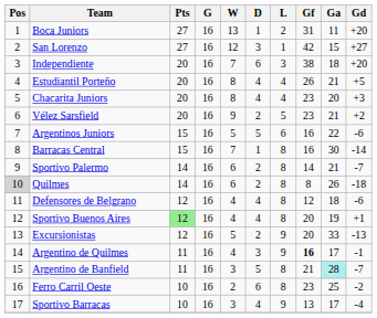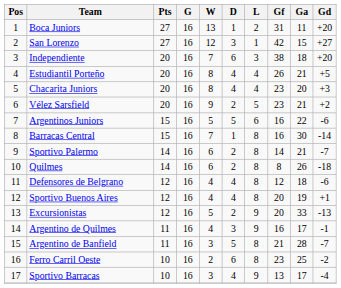 <table class="wikitable" style="text-align:center">
 <tr>
 <th width=30px>Pos</th>
 <th width=200px>Team</th>
 <th width=30px>Pts</th>
 <th width=30px>G</th>
 <th width=30px>W</th>
 <th width=30px>D</th>
 <th width=30px>L</th>
 <th width=30px>Gf</th>
 <th width=30px>Ga</th>
 <th width=30px>Gd</th>
 </tr>
 <tr bgcolor=>
 <td>1</td>
 <td align="left"><a href='#'>Boca Juniors</a></td>
 <td>27</td>
 <td>16</td>
 <td>13</td>
 <td>1</td>
 <td>2</td>
 <td>31</td>
 <td>11</td>
 <td>+20</td>
 </tr>
 <tr>
 <td>2</td>
 <td align="left"><a href='#'>San Lorenzo</a></td>
 <td>27</td>
 <td>16</td>
 <td>12</td>
 <td>3</td>
 <td>1</td>
 <td>42</td>
 <td>15</td>
 <td>+27</td>
 </tr>
 <tr>
 <td>3</td>
 <td align="left"><a href='#'>Independiente</a></td>
 <td>20</td>
 <td>16</td>
 <td>7</td>
 <td>6</td>
 <td>3</td>
 <td>38</td>
 <td>18</td>
 <td>+20</td>
 </tr>
 <tr>
 <td>4</td>
 <td align="left"><a href='#'>Estudiantil Porteño</a></td>
 <td>20</td>
 <td>16</td>
 <td>8</td>
 <td>4</td>
 <td>4</td>
 <td>26</td>
 <td>21</td>
 <td>+5</td>
 </tr>
 <tr>
 <td>5</td>
 <td align="left"><a href='#'>Chacarita Juniors</a></td>
 <td>20</td>
 <td>16</td>
 <td>8</td>
 <td>4</td>
 <td>4</td>
 <td>23</td>
 <td>20</td>
 <td>+3</td>
 </tr>
 <tr>
 <td>6</td>
 <td align="left"><a href='#'>Vélez Sarsfield</a></td>
 <td>20</td>
 <td>16</td>
 <td>9</td>
 <td>2</td>
 <td>5</td>
 <td>23</td>
 <td>21</td>
 <td>+2</td>
 </tr>
 <tr>
 <td>7</td>
 <td align="left"><a href='#'>Argentinos Juniors</a></td>
 <td>15</td>
 <td>16</td>
 <td>5</td>
 <td>5</td>
 <td>6</td>
 <td>16</td>
 <td>22</td>
 <td>-6</td>
 </tr>
 <tr>
 <td>8</td>
 <td align="left"><a href='#'>Barracas Central</a></td>
 <td>15</td>
 <td>16</td>
 <td>7</td>
 <td>1</td>
 <td>8</td>
 <td>16</td>
 <td>30</td>
 <td>-14</td>
 </tr>
 <tr>
 <td>9</td>
 <td align="left"><a href='#'>Sportivo Palermo</a></td>
 <td>14</td>
 <td>16</td>
 <td>6</td>
 <td>2</td>
 <td>8</td>
 <td>14</td>
 <td>21</td>
 <td>-7</td>
 </tr>
 <tr>
-<td style="background: lightgrey;">10</td>
+<td>10</td>
 <td align="left"><a href='#'>Quilmes</a></td>
 <td>14</td>
 <td>16</td>
 <td>6</td>
 <td>2</td>
 <td>8</td>
 <td>8</td>
 <td>26</td>
 <td>-18</td>
 </tr>
 <tr>
 <td>11</td>
 <td align="left"><a href='#'>Defensores de Belgrano</a></td>
 <td>12</td>
 <td>16</td>
 <td>4</td>
 <td>4</td>
 <td>8</td>
 <td>12</td>
 <td>18</td>
 <td>-6</td>
 </tr>
 <tr>
 <td>12</td>
 <td align="left"><a href='#'>Sportivo Buenos Aires</a></td>
-<td style="background: lightgreen;">12</td>
+<td>12</td>
 <td>16</td>
 <td>4</td>
 <td>4</td>
 <td>8</td>
 <td>20</td>
 <td>19</td>
 <td>+1</td>
 </tr>
 <tr>
 <td>13</td>
 <td align="left"><a href='#'>Excursionistas</a></td>
 <td>12</td>
 <td>16</td>
 <td>5</td>
 <td>2</td>
 <td>9</td>
 <td>20</td>
 <td>33</td>
 <td>-13</td>
 </tr>
 <tr>
 <td>14</td>
 <td align="left"><a href='#'>Argentino de Quilmes</a></td>
 <td>11</td>
 <td>16</td>
 <td>4</td>
 <td>3</td>
 <td>9</td>
-<td><strong>16</strong></td>
+<td>16</td>
 <td>17</td>
 <td>-1</td>
 </tr>
 <tr>
 <td>15</td>
 <td align="left"><a href='#'>Argentino de Banfield</a></td>
 <td>11</td>
 <td>16</td>
 <td>3</td>
 <td>5</td>
 <td>8</td>
 <td>21</td>
-<td style="background: paleturquoise;">28</td>
+<td>28</td>
 <td>-7</td>
 </tr>
 <tr>
 <td>16</td>
 <td align="left"><a href='#'>Ferro Carril Oeste</a></td>
 <td>10</td>
 <td>16</td>
 <td>2</td>
 <td>6</td>
 <td>8</td>
 <td>23</td>
 <td>25</td>
 <td>-2</td>
 </tr>
 <tr>
 <td>17</td>
 <td align="left"><a href='#'>Sportivo Barracas</a></td>
 <td>10</td>
 <td>16</td>
 <td>3</td>
 <td>4</td>
 <td>9</td>
 <td>13</td>
 <td>17</td>
 <td>-4</td>
 </tr>
 <tr>
 </tr>
 </table>
